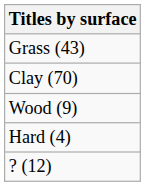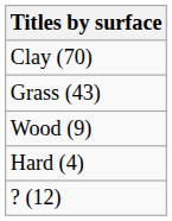 <table class=wikitable style=font-size:97%>
 <tr>
 <th>Titles by surface</th>
 </tr>
 <tr>
-<td>Grass (43)</td>
+<td>Clay (70)</td>
 </tr>
 <tr>
-<td>Clay (70)</td>
+<td>Grass (43)</td>
 </tr>
 <tr>
 <td>Wood (9)</td>
 </tr>
 <tr>
 <td>Hard (4)</td>
 </tr>
 <tr>
 <td>? (12)</td>
 </tr>
 </table>
